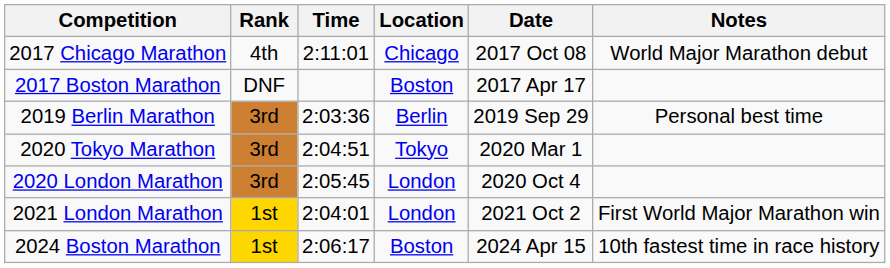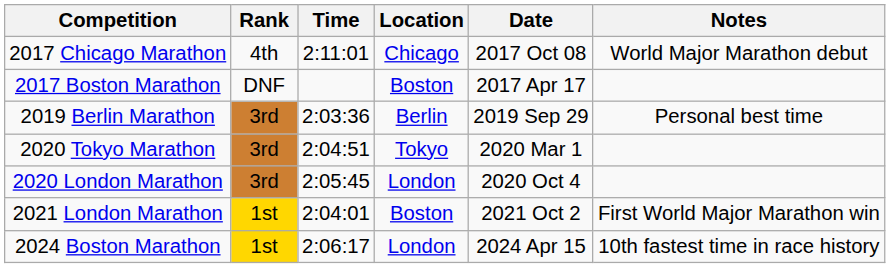 <table class=wikitable style=text-align:center>
 <tr>
 <th>Competition</th>
 <th width=45>Rank</th>
 <th width=50>Time</th>
 <th>Location</th>
 <th>Date</th>
 <th>Notes</th>
 </tr>
 <tr>
 <td>2017 <a href='#'>Chicago Marathon</a></td>
 <td>4th</td>
 <td>2:11:01</td>
 <td><a href='#'>Chicago</a></td>
 <td>2017 Oct 08</td>
 <td>World Major Marathon debut</td>
 </tr>
 <tr>
 <td><a href='#'>2017 Boston Marathon</a></td>
 <td>DNF</td>
 <td></td>
 <td><a href='#'>Boston</a></td>
 <td>2017 Apr 17</td>
 <td></td>
 </tr>
 <tr>
 <td>2019 <a href='#'>Berlin Marathon</a></td>
 <td style="background:#CD7F32;">3rd</td>
 <td>2:03:36</td>
 <td><a href='#'>Berlin</a></td>
 <td>2019 Sep 29</td>
 <td>Personal best time</td>
 </tr>
 <tr>
 <td>2020 <a href='#'>Tokyo Marathon</a></td>
 <td style="background:#CD7F32;">3rd</td>
 <td>2:04:51</td>
 <td><a href='#'>Tokyo</a></td>
 <td>2020 Mar 1</td>
 <td></td>
 </tr>
 <tr>
 <td><a href='#'>2020 London Marathon</a></td>
 <td style="background:#CD7F32;">3rd</td>
 <td>2:05:45</td>
 <td><a href='#'>London</a></td>
 <td>2020 Oct 4</td>
 <td></td>
 </tr>
 <tr>
 <td>2021 <a href='#'>London Marathon</a></td>
 <td style="background:#FFD700;">1st</td>
 <td>2:04:01</td>
-<td><a href='#'>London</a></td>
+<td><a href='#'>Boston</a></td>
 <td>2021 Oct 2</td>
 <td>First World Major Marathon win</td>
 </tr>
 <tr>
 <td>2024 <a href='#'>Boston Marathon</a></td>
 <td style="background:#FFD700;">1st</td>
 <td>2:06:17</td>
-<td><a href='#'>Boston</a></td>
+<td><a href='#'>London</a></td>
 <td>2024 Apr 15</td>
 <td>10th fastest time in race history</td>
 </tr>
 </table>
